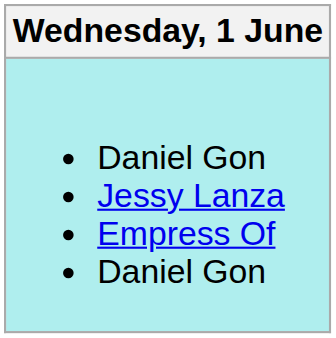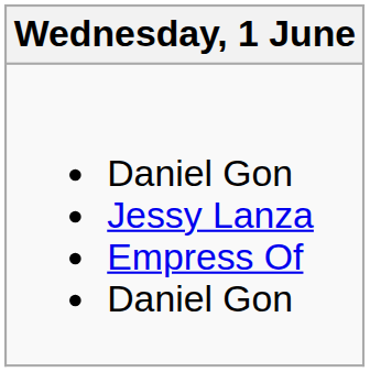 <table class="wikitable">
 <tr>
 <th>Wednesday, 1 June</th>
 </tr>
 <tr valign="top">
-<td style="background: paleturquoise;"><br><ul><li>Daniel Gon</li><li><a href='#'>Jessy Lanza</a></li><li><a href='#'>Empress Of</a></li><li>Daniel Gon</li></ul></td>
+<td><br><ul><li>Daniel Gon</li><li><a href='#'>Jessy Lanza</a></li><li><a href='#'>Empress Of</a></li><li>Daniel Gon</li></ul></td>
 </tr>
 </table>
